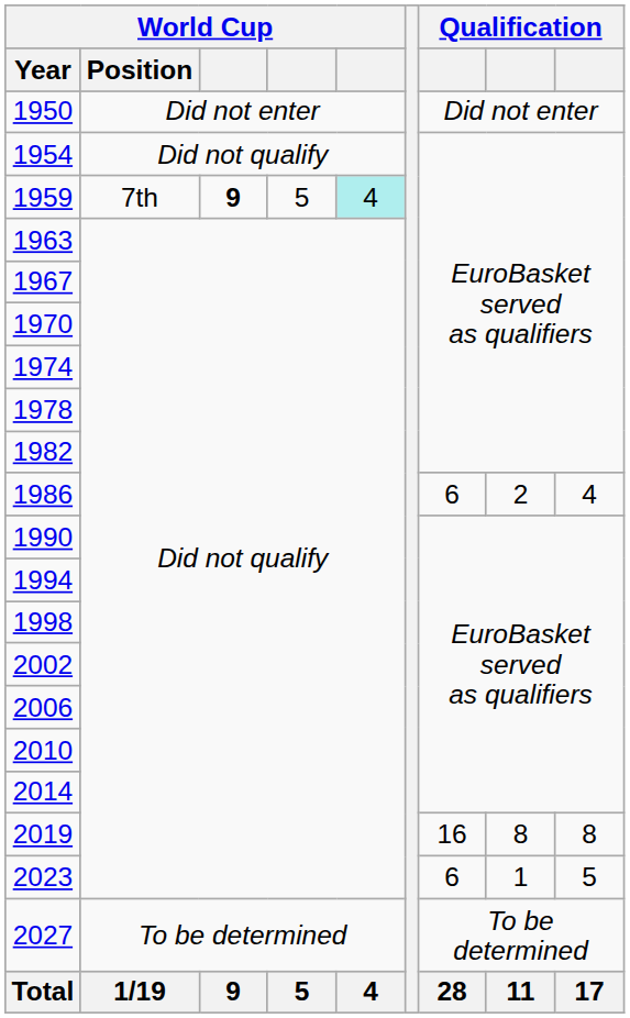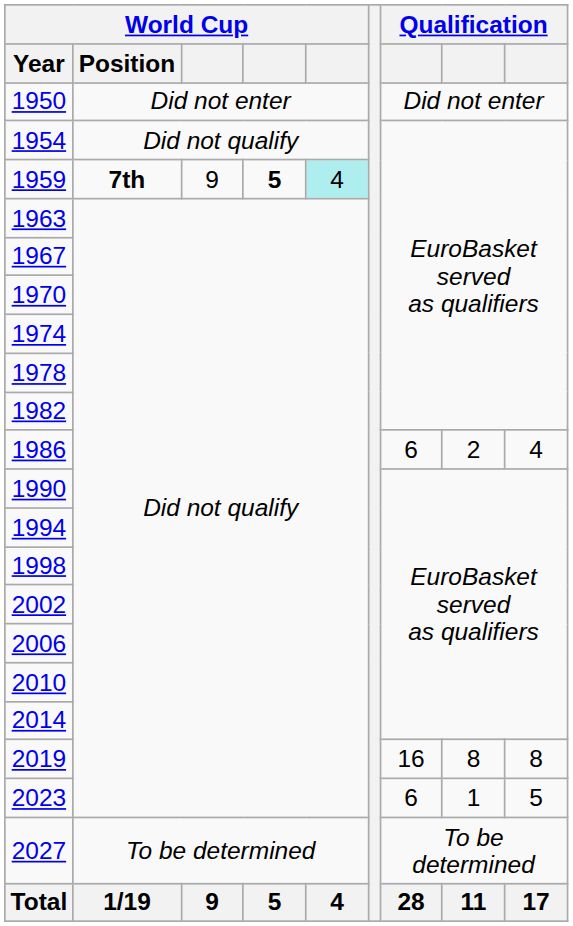 <table class="wikitable" style="text-align: center;font-size:90%;">
 <tr>
 <th colspan=5><a href='#'>World Cup</a></th>
 <th rowspan=23></th>
 <th colspan=3><a href='#'>Qualification</a></th>
 </tr>
 <tr>
 <th>Year</th>
 <th>Position</th>
 <th width=30></th>
 <th width=30></th>
 <th width=30></th>
 <th width=30></th>
 <th width=30></th>
 <th width=30></th>
 </tr>
 <tr>
 <td> <a href='#'>1950</a></td>
 <td colspan=4><em>Did not enter</em></td>
 <td colspan=3><em>Did not enter</em></td>
 </tr>
 <tr>
 <td> <a href='#'>1954</a></td>
 <td colspan=4><em>Did not qualify</em></td>
 <td colspan=3 rowspan=8><em>EuroBasket served<br>as qualifiers</em></td>
 </tr>
 <tr>
 <td> <a href='#'>1959</a></td>
-<td>7th</td>
-<td><strong>9</strong></td>
-<td>5</td>
+<td><strong>7th</strong></td>
+<td>9</td>
+<td><strong>5</strong></td>
 <td style="background: paleturquoise;">4</td>
 </tr>
 <tr>
 <td> <a href='#'>1963</a></td>
 <td colspan=4 rowspan=16><em>Did not qualify</em></td>
 </tr>
 <tr>
 <td> <a href='#'>1967</a></td>
 </tr>
 <tr>
 <td> <a href='#'>1970</a></td>
 </tr>
 <tr>
 <td> <a href='#'>1974</a></td>
 </tr>
 <tr>
 <td> <a href='#'>1978</a></td>
 </tr>
 <tr>
 <td> <a href='#'>1982</a></td>
 </tr>
 <tr>
 <td> <a href='#'>1986</a></td>
 <td>6</td>
 <td>2</td>
 <td>4</td>
 </tr>
 <tr>
 <td> <a href='#'>1990</a></td>
 <td colspan=3 rowspan=7><em>EuroBasket served<br>as qualifiers</em></td>
 </tr>
 <tr>
 <td> <a href='#'>1994</a></td>
 </tr>
 <tr>
 <td> <a href='#'>1998</a></td>
 </tr>
 <tr>
 <td> <a href='#'>2002</a></td>
 </tr>
 <tr>
 <td> <a href='#'>2006</a></td>
 </tr>
 <tr>
 <td> <a href='#'>2010</a></td>
 </tr>
 <tr>
 <td> <a href='#'>2014</a></td>
 </tr>
 <tr>
 <td> <a href='#'>2019</a></td>
 <td>16</td>
 <td>8</td>
 <td>8</td>
 </tr>
 <tr>
 <td> <a href='#'>2023</a></td>
 <td>6</td>
 <td>1</td>
 <td>5</td>
 </tr>
 <tr>
 <td> <a href='#'>2027</a></td>
 <td colspan=4><em>To be determined</em></td>
 <td colspan=3><em>To be determined</em></td>
 </tr>
 <tr>
 <th>Total</th>
 <th>1/19</th>
 <th>9</th>
 <th>5</th>
 <th>4</th>
 <th>28</th>
 <th>11</th>
 <th>17</th>
 </tr>
 </table>
